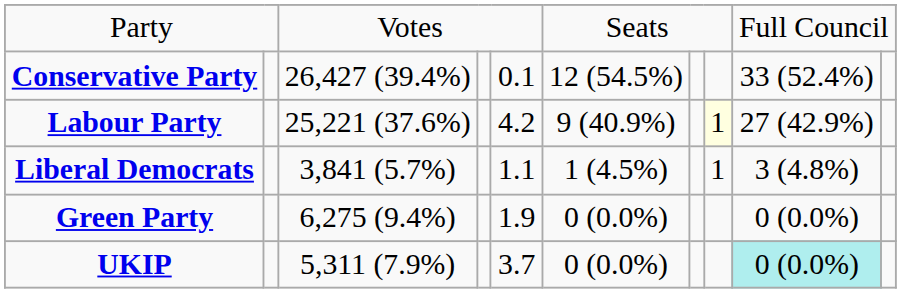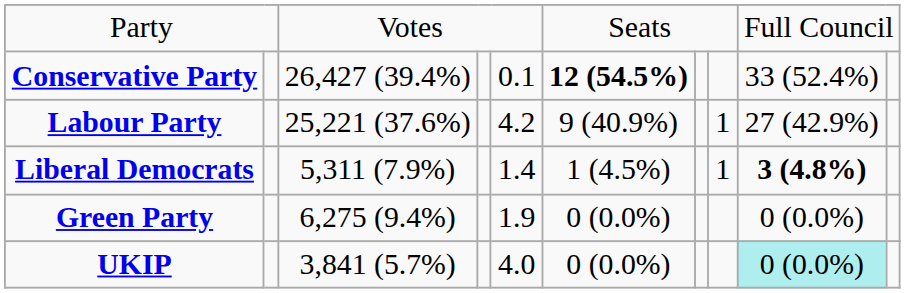 <table class=wikitable style="text-align:center;">
 <tr>
 <td colspan=2>Party</td>
 <td colspan=3>Votes</td>
 <td colspan=3>Seats</td>
 <td colspan=3>Full Council</td>
 </tr>
 <tr>
 <td><strong><a href='#'>Conservative Party</a></strong></td>
 <td style="background:"></td>
 <td>26,427 (39.4%)</td>
 <td></td>
 <td> 0.1</td>
-<td>12 (54.5%)</td>
+<td><strong>12 (54.5%)</strong></td>
 <td></td>
 <td></td>
 <td>33 (52.4%)</td>
 <td></td>
 </tr>
 <tr>
 <td><strong><a href='#'>Labour Party</a></strong></td>
 <td style="background:"></td>
 <td>25,221 (37.6%)</td>
 <td></td>
 <td> 4.2</td>
 <td>9 (40.9%)</td>
 <td></td>
-<td style="background: lightyellow;"> 1</td>
+<td> 1</td>
 <td>27 (42.9%)</td>
 <td></td>
 </tr>
 <tr>
 <td><strong><a href='#'>Liberal Democrats</a></strong></td>
 <td style="background:"></td>
-<td>3,841 (5.7%)</td>
+<td>5,311 (7.9%)</td>
 <td></td>
-<td> 1.1</td>
+<td> 1.4</td>
 <td>1 (4.5%)</td>
 <td></td>
 <td> 1</td>
-<td>3 (4.8%)</td>
+<td><strong>3 (4.8%)</strong></td>
 <td></td>
 </tr>
 <tr>
 <td><strong><a href='#'>Green Party</a></strong></td>
 <td style="background:"></td>
 <td>6,275 (9.4%)</td>
 <td></td>
 <td> 1.9</td>
 <td>0 (0.0%)</td>
 <td></td>
 <td></td>
 <td>0 (0.0%)</td>
 <td></td>
 </tr>
 <tr>
 <td><strong><a href='#'>UKIP</a></strong></td>
 <td style="background:"></td>
-<td>5,311 (7.9%)</td>
+<td>3,841 (5.7%)</td>
 <td></td>
-<td> 3.7</td>
+<td> 4.0</td>
 <td>0 (0.0%)</td>
 <td></td>
 <td></td>
 <td style="background: paleturquoise;">0 (0.0%)</td>
 <td></td>
 </tr>
 </table>
